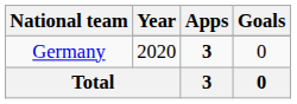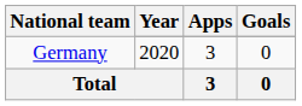 <table class="wikitable" style="text-align:center">
 <tr>
 <th>National team</th>
 <th>Year</th>
 <th>Apps</th>
 <th>Goals</th>
 </tr>
 <tr>
 <td rowspan="2"><a href='#'>Germany</a></td>
 </tr>
 <tr>
 <td>2020</td>
-<td><strong>3</strong></td>
+<td>3</td>
 <td>0</td>
 </tr>
 <tr>
 <th colspan="2">Total</th>
 <th>3</th>
 <th>0</th>
 </tr>
 </table>
